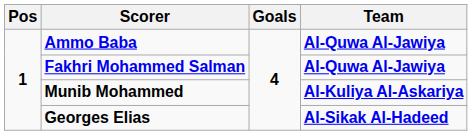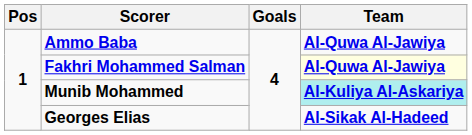 <table class="wikitable">
 <tr>
 <th>Pos</th>
 <th>Scorer</th>
 <th>Goals</th>
 <th>Team</th>
 </tr>
 <tr>
 <td rowspan=4 style="text-align:center;"><strong>1</strong></td>
 <td><strong><a href='#'>Ammo Baba</a></strong></td>
 <td rowspan=4 style="text-align:center;"><strong>4</strong></td>
 <td><strong><a href='#'>Al-Quwa Al-Jawiya</a></strong></td>
 </tr>
 <tr>
 <td><strong><a href='#'>Fakhri Mohammed Salman</a></strong></td>
-<td><strong><a href='#'>Al-Quwa Al-Jawiya</a></strong></td>
+<td style="background: lightyellow;"><strong><a href='#'>Al-Quwa Al-Jawiya</a></strong></td>
 </tr>
 <tr>
 <td><strong>Munib Mohammed</strong></td>
-<td><strong><a href='#'>Al-Kuliya Al-Askariya</a></strong></td>
+<td style="background: paleturquoise;"><strong><a href='#'>Al-Kuliya Al-Askariya</a></strong></td>
 </tr>
 <tr>
 <td><strong>Georges Elias</strong></td>
 <td><strong><a href='#'>Al-Sikak Al-Hadeed</a></strong></td>
 </tr>
 </table>
